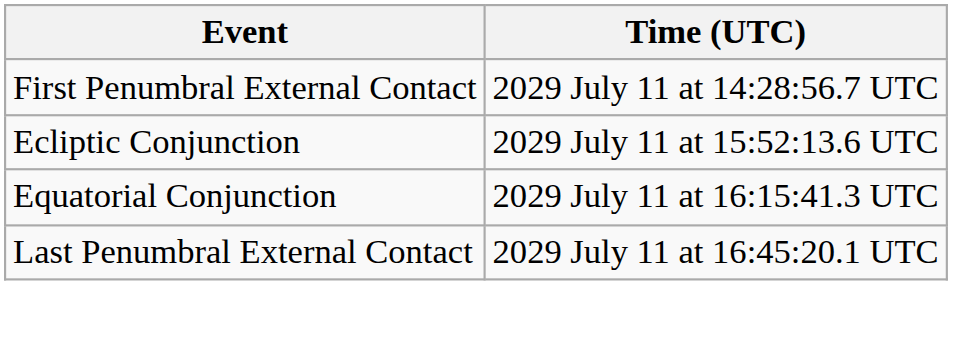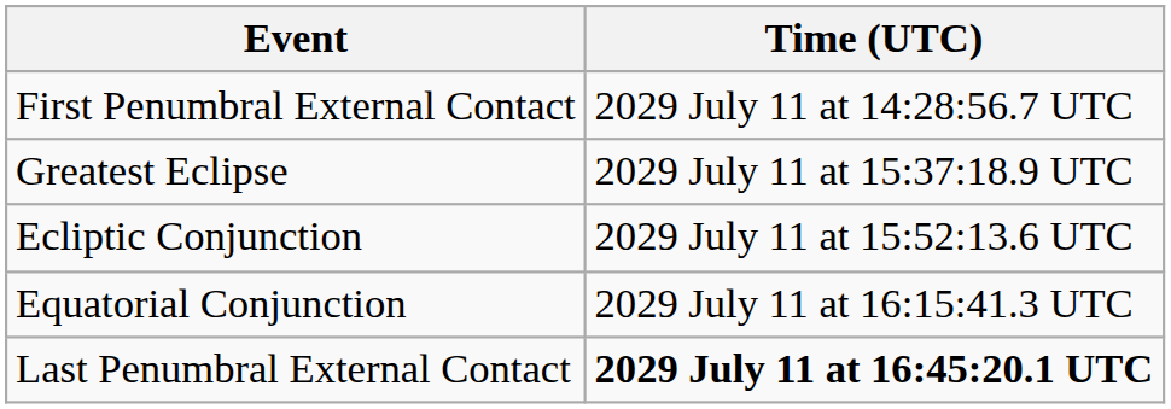 <table class="wikitable">
 <tr>
 <th>Event</th>
 <th>Time (UTC)</th>
 </tr>
 <tr>
 <td>First Penumbral External Contact</td>
 <td>2029 July 11 at 14:28:56.7 UTC</td>
+</tr>
+<tr>
+<td>Greatest Eclipse</td>
+<td>2029 July 11 at 15:37:18.9 UTC</td>
 </tr>
 <tr>
 <td>Ecliptic Conjunction</td>
 <td>2029 July 11 at 15:52:13.6 UTC</td>
 </tr>
 <tr>
 <td>Equatorial Conjunction</td>
 <td>2029 July 11 at 16:15:41.3 UTC</td>
 </tr>
 <tr>
 <td>Last Penumbral External Contact</td>
-<td>2029 July 11 at 16:45:20.1 UTC</td>
+<td><strong>2029 July 11 at 16:45:20.1 UTC</strong></td>
 </tr>
 </table>
